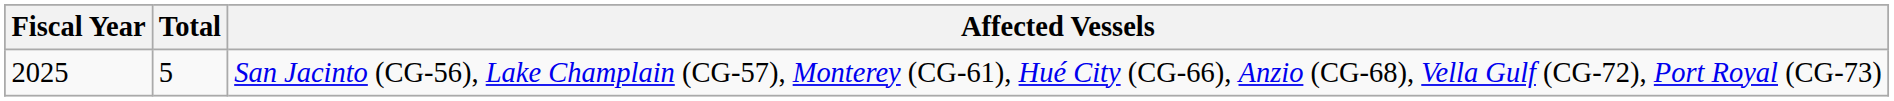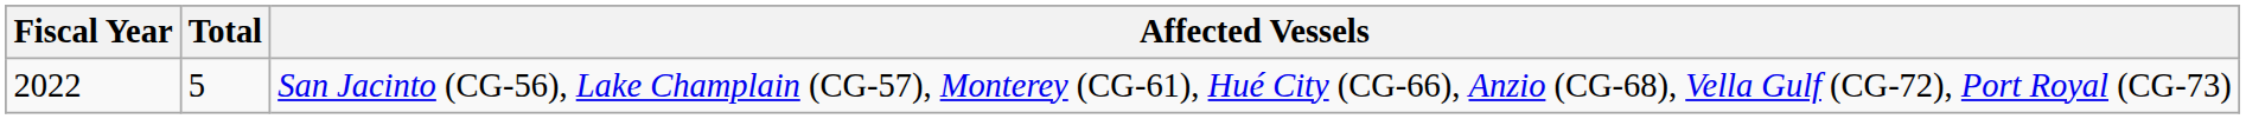 <table class="wikitable">
 <tr>
 <th>Fiscal Year</th>
 <th>Total</th>
 <th>Affected Vessels</th>
 </tr>
 <tr>
-<td>2025</td>
+<td>2022</td>
 <td>5</td>
 <td><em><a href='#'>San Jacinto</a></em> (CG-56), <em><a href='#'>Lake Champlain</a></em> (CG-57), <em><a href='#'>Monterey</a></em> (CG-61), <em><a href='#'>Hué City</a></em> (CG-66), <em><a href='#'>Anzio</a></em> (CG-68), <em><a href='#'>Vella Gulf</a></em> (CG-72), <em><a href='#'>Port Royal</a></em> (CG-73)</td>
 </tr>
 </table>
